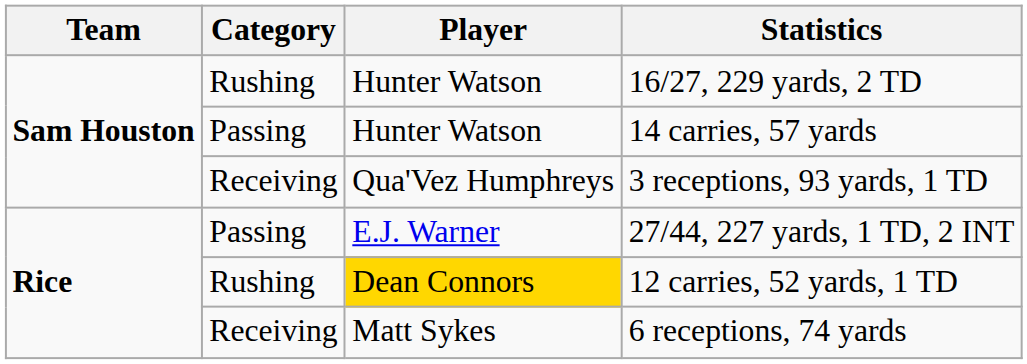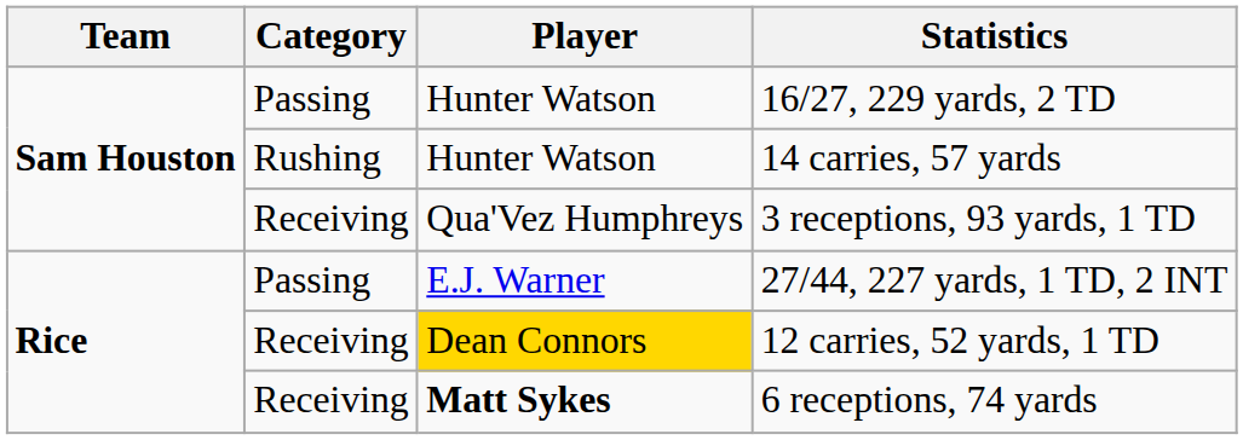 <table class="wikitable" style="float: right;">
 <tr>
 <th>Team</th>
 <th>Category</th>
 <th>Player</th>
 <th>Statistics</th>
 </tr>
 <tr>
 <td rowspan=3><strong>Sam Houston</strong></td>
-<td>Rushing</td>
+<td>Passing</td>
 <td>Hunter Watson</td>
 <td>16/27, 229 yards, 2 TD</td>
 </tr>
 <tr>
-<td>Passing</td>
+<td>Rushing</td>
 <td>Hunter Watson</td>
 <td>14 carries, 57 yards</td>
 </tr>
 <tr>
 <td>Receiving</td>
 <td>Qua'Vez Humphreys</td>
 <td>3 receptions, 93 yards, 1 TD</td>
 </tr>
 <tr>
 <td rowspan=3><strong>Rice</strong></td>
 <td>Passing</td>
 <td><a href='#'>E.J. Warner</a></td>
 <td>27/44, 227 yards, 1 TD, 2 INT</td>
 </tr>
 <tr>
-<td>Rushing</td>
+<td>Receiving</td>
 <td style="background: gold;">Dean Connors</td>
 <td>12 carries, 52 yards, 1 TD</td>
 </tr>
 <tr>
 <td>Receiving</td>
-<td>Matt Sykes</td>
+<td><strong>Matt Sykes</strong></td>
 <td>6 receptions, 74 yards</td>
 </tr>
 </table>
